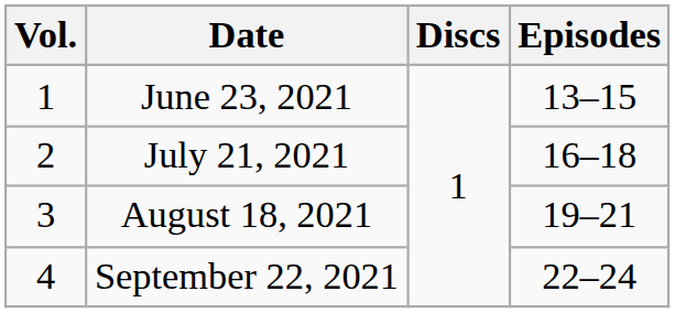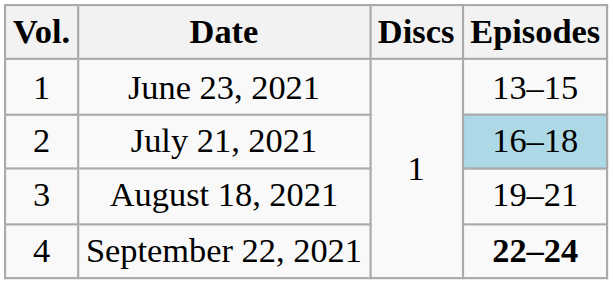 <table class="wikitable" style="text-align:center;">
 <tr>
 <th>Vol.</th>
 <th>Date</th>
 <th>Discs</th>
 <th>Episodes</th>
 </tr>
 <tr>
 <td>1</td>
 <td>June 23, 2021</td>
 <td rowspan="8">1</td>
 <td>13–15</td>
 </tr>
 <tr>
 <td>2</td>
 <td>July 21, 2021</td>
-<td>16–18</td>
+<td style="background: lightblue;">16–18</td>
 </tr>
 <tr>
 <td>3</td>
 <td>August 18, 2021</td>
 <td>19–21</td>
 </tr>
 <tr>
 <td>4</td>
 <td>September 22, 2021</td>
-<td>22–24</td>
+<td><strong>22–24</strong></td>
 </tr>
 </table>
